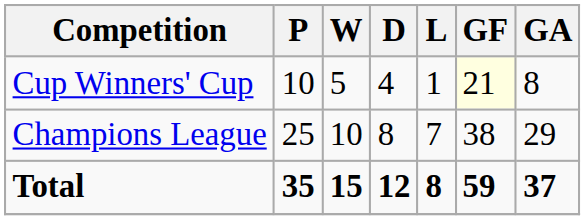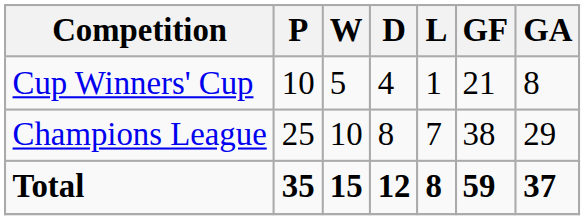 <table class="wikitable">
 <tr>
 <th>Competition</th>
 <th>P</th>
 <th>W</th>
 <th>D</th>
 <th>L</th>
 <th>GF</th>
 <th>GA</th>
 </tr>
 <tr>
 <td><a href='#'>Cup Winners' Cup</a></td>
 <td>10</td>
 <td>5</td>
 <td>4</td>
 <td>1</td>
-<td style="background: lightyellow;">21</td>
+<td>21</td>
 <td>8</td>
 </tr>
 <tr>
 <td><a href='#'>Champions League</a></td>
 <td>25</td>
 <td>10</td>
 <td>8</td>
 <td>7</td>
 <td>38</td>
 <td>29</td>
 </tr>
 <tr>
 <td><strong>Total</strong></td>
 <td><strong>35</strong></td>
 <td><strong>15</strong></td>
 <td><strong>12</strong></td>
 <td><strong>8</strong></td>
 <td><strong>59</strong></td>
 <td><strong>37</strong></td>
 </tr>
 <tr>
 </tr>
 </table>
